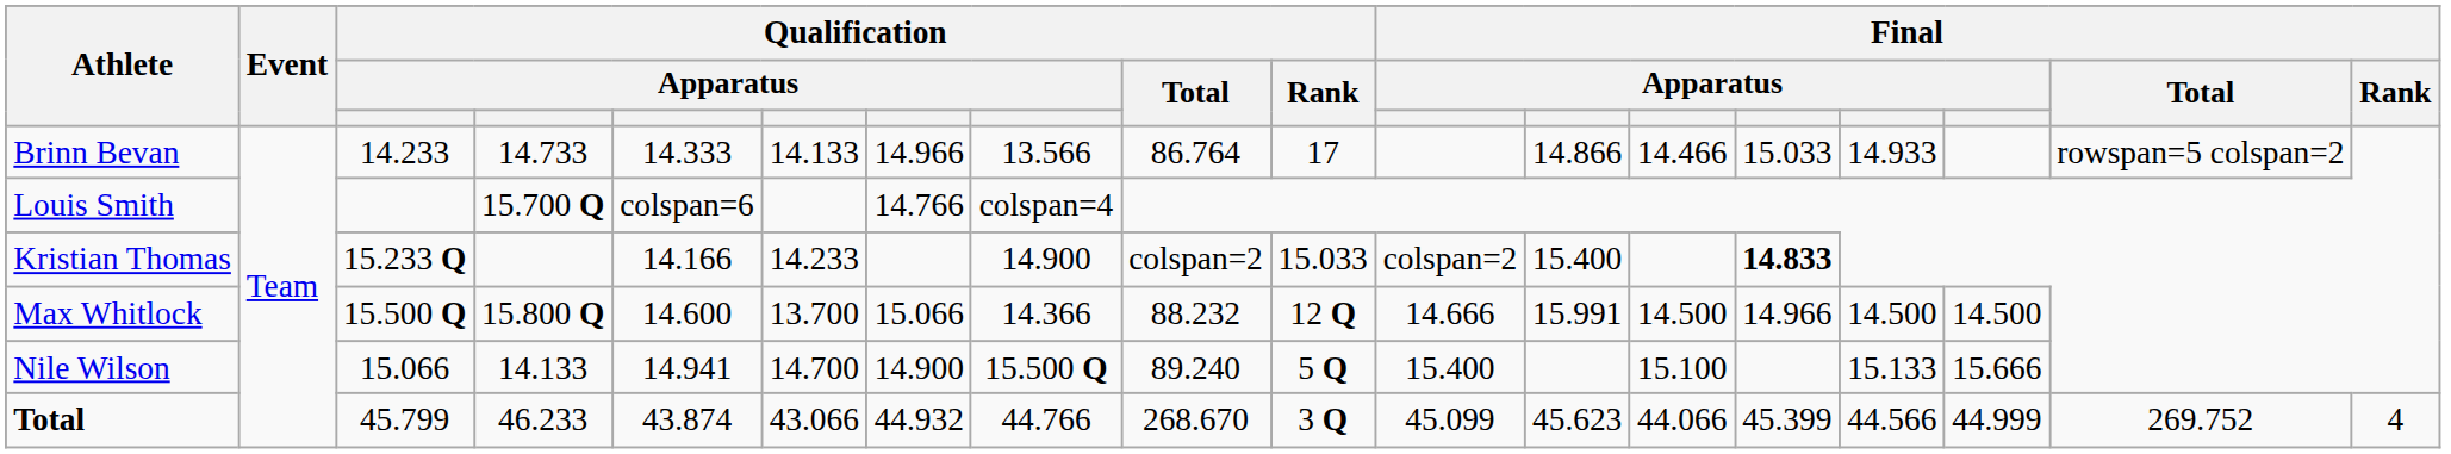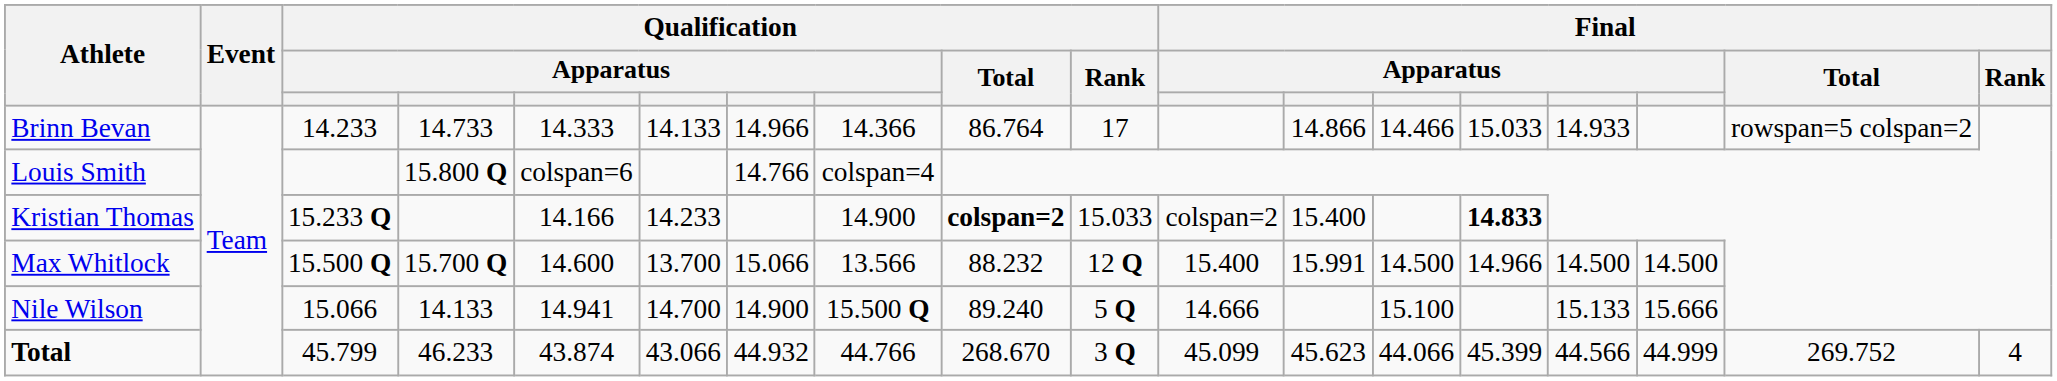 <table class="wikitable" style="font-size:90%">
 <tr>
 <th rowspan=3>Athlete</th>
 <th rowspan=3>Event</th>
 <th colspan =8>Qualification</th>
 <th colspan =8>Final</th>
 </tr>
 <tr style="font-size:95%">
 <th colspan=6>Apparatus</th>
 <th rowspan=2>Total</th>
 <th rowspan=2>Rank</th>
 <th colspan=6>Apparatus</th>
 <th rowspan=2>Total</th>
 <th rowspan=2>Rank</th>
 </tr>
 <tr style="font-size:95%">
 <th></th>
 <th></th>
 <th></th>
 <th></th>
 <th></th>
 <th></th>
 <th></th>
 <th></th>
 <th></th>
 <th></th>
 <th></th>
 <th></th>
 </tr>
 <tr align=center>
 <td align=left><a href='#'>Brinn Bevan</a></td>
 <td align=left rowspan=6><a href='#'>Team</a></td>
 <td>14.233</td>
 <td>14.733</td>
 <td>14.333</td>
 <td>14.133</td>
 <td>14.966</td>
-<td>13.566</td>
+<td>14.366</td>
 <td>86.764</td>
 <td>17</td>
 <td></td>
 <td>14.866</td>
 <td>14.466</td>
 <td>15.033</td>
 <td>14.933</td>
 <td></td>
 <td>rowspan=5 colspan=2 </td>
 </tr>
 <tr align=center>
 <td align=left><a href='#'>Louis Smith</a></td>
 <td></td>
-<td>15.700 <strong>Q</strong></td>
+<td>15.800 <strong>Q</strong></td>
 <td>colspan=6 </td>
 <td></td>
 <td>14.766</td>
 <td>colspan=4 </td>
 </tr>
 <tr align=center>
 <td align=left><a href='#'>Kristian Thomas</a></td>
 <td>15.233 <strong>Q</strong></td>
 <td></td>
 <td>14.166</td>
 <td>14.233</td>
 <td></td>
 <td>14.900</td>
-<td>colspan=2 </td>
+<td><strong>colspan=2 </strong></td>
 <td>15.033</td>
 <td>colspan=2 </td>
 <td>15.400</td>
 <td></td>
 <td><strong>14.833</strong></td>
 </tr>
 <tr align=center>
 <td align=left><a href='#'>Max Whitlock</a></td>
 <td>15.500 <strong>Q</strong></td>
-<td>15.800 <strong>Q</strong></td>
+<td>15.700 <strong>Q</strong></td>
 <td>14.600</td>
 <td>13.700</td>
 <td>15.066</td>
-<td>14.366</td>
+<td>13.566</td>
 <td>88.232</td>
 <td>12 <strong>Q</strong></td>
-<td>14.666</td>
+<td>15.400</td>
 <td>15.991</td>
 <td>14.500</td>
 <td>14.966</td>
 <td>14.500</td>
 <td>14.500</td>
 </tr>
 <tr align=center>
 <td align=left><a href='#'>Nile Wilson</a></td>
 <td>15.066</td>
 <td>14.133</td>
 <td>14.941</td>
 <td>14.700</td>
 <td>14.900</td>
 <td>15.500 <strong>Q</strong></td>
 <td>89.240</td>
 <td>5 <strong>Q</strong></td>
-<td>15.400</td>
+<td>14.666</td>
 <td></td>
 <td>15.100</td>
 <td></td>
 <td>15.133</td>
 <td>15.666</td>
 </tr>
 <tr align=center>
 <td align=left><strong>Total</strong></td>
 <td>45.799</td>
 <td>46.233</td>
 <td>43.874</td>
 <td>43.066</td>
 <td>44.932</td>
 <td>44.766</td>
 <td>268.670</td>
 <td>3 <strong>Q</strong></td>
 <td>45.099</td>
 <td>45.623</td>
 <td>44.066</td>
 <td>45.399</td>
 <td>44.566</td>
 <td>44.999</td>
 <td>269.752</td>
 <td>4</td>
 </tr>
 </table>
